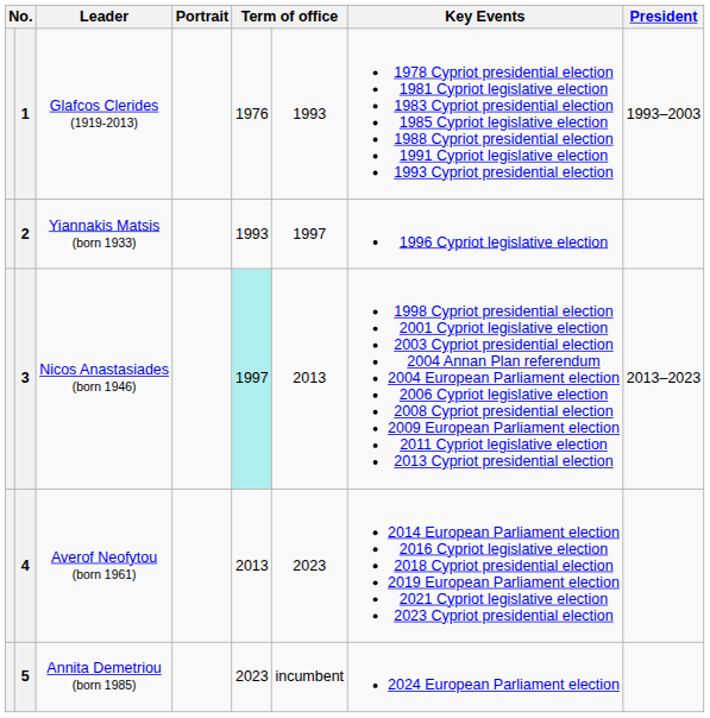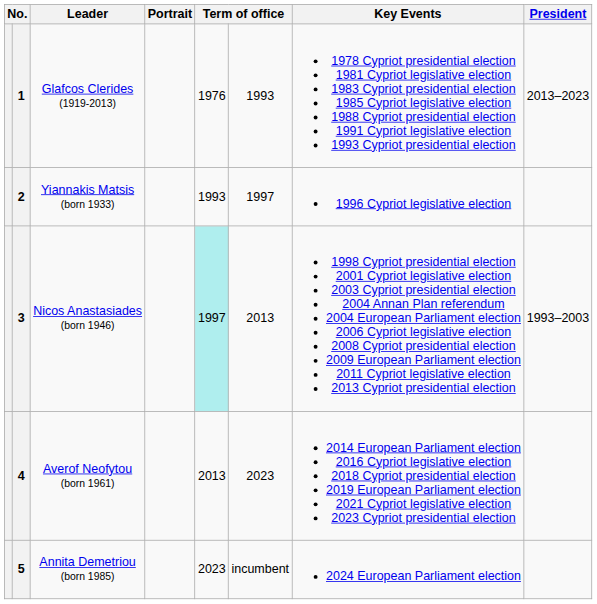 <table class="wikitable"  style="text-align:center;">
 <tr>
 <th colspan=2>No.</th>
 <th>Leader</th>
 <th>Portrait</th>
 <th colspan=2>Term of office</th>
 <th>Key Events</th>
 <th><a href='#'>President</a></th>
 </tr>
 <tr>
 <th style="background:"></th>
 <th>1</th>
 <td><a href='#'>Glafcos Clerides</a><br><small>(1919-2013)</small></td>
 <td></td>
 <td>1976</td>
 <td>1993</td>
 <td><br><ul><li><a href='#'>1978 Cypriot presidential election</a></li><li><a href='#'>1981 Cypriot legislative election</a></li><li><a href='#'>1983 Cypriot presidential election</a></li><li><a href='#'>1985 Cypriot legislative election</a></li><li><a href='#'>1988 Cypriot presidential election</a></li><li><a href='#'>1991 Cypriot legislative election</a></li><li><a href='#'>1993 Cypriot presidential election</a></li></ul></td>
-<td>1993–2003</td>
+<td>2013–2023</td>
 </tr>
 <tr>
 <th style="background:"></th>
 <th>2</th>
 <td><a href='#'>Yiannakis Matsis</a><br><small>(born 1933)</small></td>
 <td></td>
 <td>1993</td>
 <td>1997</td>
 <td><br><ul><li><a href='#'>1996 Cypriot legislative election</a></li></ul></td>
 <td></td>
 </tr>
 <tr>
 <th style="background:"></th>
 <th>3</th>
 <td><a href='#'>Nicos Anastasiades</a><br><small>(born 1946)</small></td>
 <td></td>
 <td style="background: paleturquoise;">1997</td>
 <td>2013</td>
 <td><br><ul><li><a href='#'>1998 Cypriot presidential election</a></li><li><a href='#'>2001 Cypriot legislative election</a></li><li><a href='#'>2003 Cypriot presidential election</a></li><li><a href='#'>2004 Annan Plan referendum</a></li><li><a href='#'>2004 European Parliament election</a></li><li><a href='#'>2006 Cypriot legislative election</a></li><li><a href='#'>2008 Cypriot presidential election</a></li><li><a href='#'>2009 European Parliament election</a></li><li><a href='#'>2011 Cypriot legislative election</a></li><li><a href='#'>2013 Cypriot presidential election</a></li></ul></td>
-<td>2013–2023</td>
+<td>1993–2003</td>
 </tr>
 <tr>
 <th style="background:"></th>
 <th>4</th>
 <td><a href='#'>Averof Neofytou</a><br><small>(born 1961)</small></td>
 <td></td>
 <td>2013</td>
 <td>2023</td>
 <td><br><ul><li><a href='#'>2014 European Parliament election</a></li><li><a href='#'>2016 Cypriot legislative election</a></li><li><a href='#'>2018 Cypriot presidential election</a></li><li><a href='#'>2019 European Parliament election</a></li><li><a href='#'>2021 Cypriot legislative election</a></li><li><a href='#'>2023 Cypriot presidential election</a></li></ul></td>
 <td></td>
 </tr>
 <tr>
 <th style="background:"></th>
 <th>5</th>
 <td><a href='#'>Annita Demetriou</a><br><small>(born 1985)</small></td>
 <td></td>
 <td>2023</td>
 <td>incumbent</td>
 <td><br><ul><li><a href='#'>2024 European Parliament election</a></li></ul></td>
 <td></td>
 </tr>
 </table>
